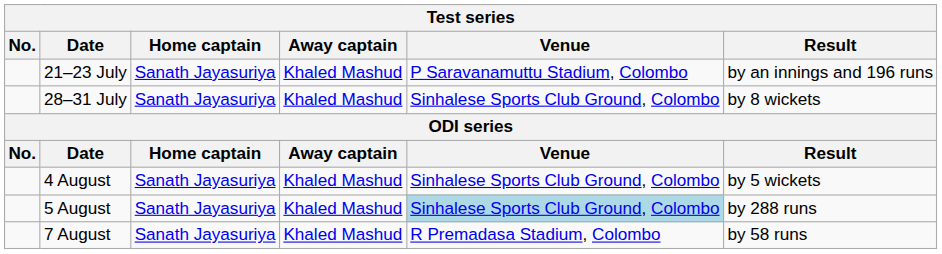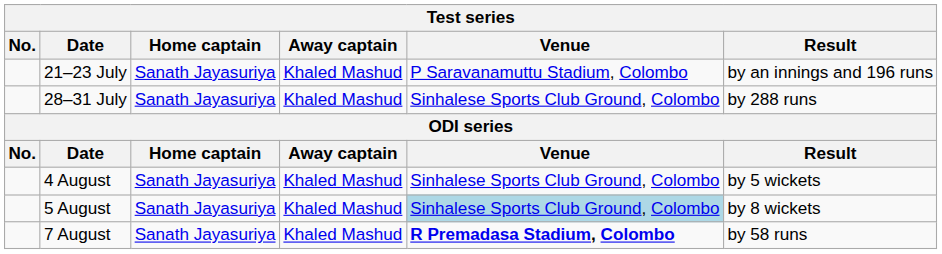 <table class="wikitable">
 <tr>
 <th colspan="9">Test series</th>
 </tr>
 <tr>
 <th>No.</th>
 <th>Date</th>
 <th>Home captain</th>
 <th>Away captain</th>
 <th>Venue</th>
 <th>Result</th>
 </tr>
 <tr>
 <td></td>
 <td>21–23 July</td>
 <td><a href='#'>Sanath Jayasuriya</a></td>
 <td><a href='#'>Khaled Mashud</a></td>
 <td><a href='#'>P Saravanamuttu Stadium</a>, <a href='#'>Colombo</a></td>
 <td> by an innings and 196 runs</td>
 </tr>
 <tr>
 <td></td>
 <td>28–31 July</td>
 <td><a href='#'>Sanath Jayasuriya</a></td>
 <td><a href='#'>Khaled Mashud</a></td>
 <td><a href='#'>Sinhalese Sports Club Ground</a>, <a href='#'>Colombo</a></td>
-<td> by 8 wickets</td>
+<td> by 288 runs</td>
 </tr>
 <tr>
 <th colspan="9">ODI series</th>
 </tr>
 <tr>
 <th>No.</th>
 <th>Date</th>
 <th>Home captain</th>
 <th>Away captain</th>
 <th>Venue</th>
 <th>Result</th>
 </tr>
 <tr>
 <td></td>
 <td>4 August</td>
 <td><a href='#'>Sanath Jayasuriya</a></td>
 <td><a href='#'>Khaled Mashud</a></td>
 <td><a href='#'>Sinhalese Sports Club Ground</a>, <a href='#'>Colombo</a></td>
 <td> by 5 wickets</td>
 </tr>
 <tr>
 <td></td>
 <td>5 August</td>
 <td><a href='#'>Sanath Jayasuriya</a></td>
 <td><a href='#'>Khaled Mashud</a></td>
 <td style="background: lightblue;"><a href='#'>Sinhalese Sports Club Ground</a>, <a href='#'>Colombo</a></td>
-<td> by 288 runs</td>
+<td> by 8 wickets</td>
 </tr>
 <tr>
 <td></td>
 <td>7 August</td>
 <td><a href='#'>Sanath Jayasuriya</a></td>
 <td><a href='#'>Khaled Mashud</a></td>
-<td><a href='#'>R Premadasa Stadium</a>, <a href='#'>Colombo</a></td>
+<td><strong><a href='#'>R Premadasa Stadium</a>, <a href='#'>Colombo</a></strong></td>
 <td> by 58 runs</td>
 </tr>
 </table>
